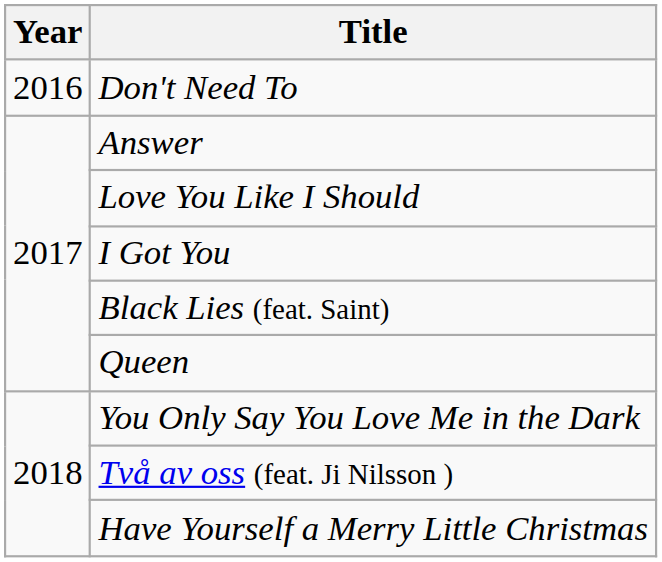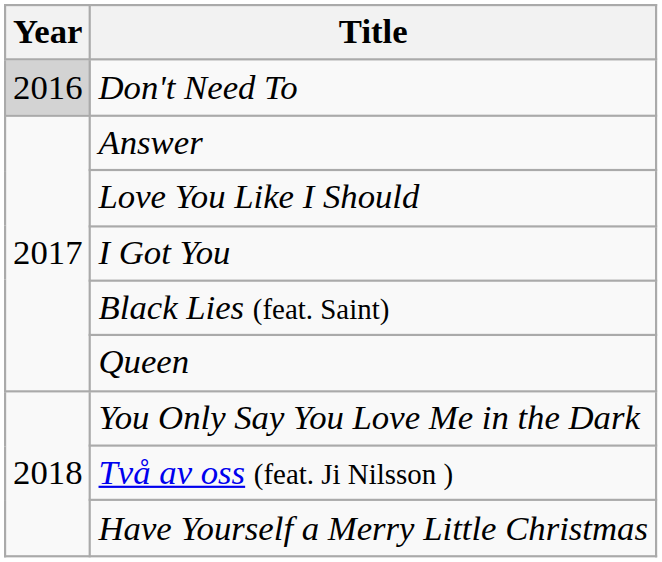 <table class="wikitable">
 <tr>
 <th>Year</th>
 <th>Title</th>
 </tr>
 <tr>
-<td>2016</td>
+<td style="background: lightgrey;">2016</td>
 <td><em>Don't Need To</em></td>
 </tr>
 <tr>
 <td rowspan=5>2017</td>
 <td><em>Answer</em></td>
 </tr>
 <tr>
 <td><em>Love You Like I Should</em></td>
 </tr>
 <tr>
 <td><em>I Got You</em></td>
 </tr>
 <tr>
 <td><em>Black Lies</em> <small>(feat. Saint)</small></td>
 </tr>
 <tr>
 <td><em>Queen</em></td>
 </tr>
 <tr>
 <td rowspan=3>2018</td>
 <td><em>You Only Say You Love Me in the Dark</em></td>
 </tr>
 <tr>
 <td><em><a href='#'>Två av oss</a></em>  <small>(feat. Ji Nilsson )</small></td>
 </tr>
 <tr>
 <td><em>Have Yourself a Merry Little Christmas</em></td>
 </tr>
 </table>
